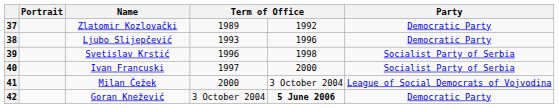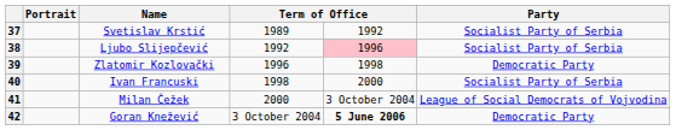 <table class="wikitable" style="text-align:center">
 <tr>
 <th></th>
 <th>Portrait</th>
 <th width=180>Name<br></th>
 <th colspan=2>Term of Office</th>
 <th>Party</th>
 </tr>
 <tr>
 <th style="background:">37</th>
 <td></td>
-<td><a href='#'>Zlatomir Kozlovački</a><br></td>
+<td><a href='#'>Svetislav Krstić</a><br></td>
 <td>1989</td>
 <td>1992</td>
-<td><a href='#'>Democratic Party</a></td>
+<td><a href='#'>Socialist Party of Serbia</a></td>
 </tr>
 <tr>
 <th style="background:">38</th>
 <td></td>
 <td><a href='#'>Ljubo Slijepčević</a></td>
-<td>1993</td>
-<td>1996</td>
-<td><a href='#'>Democratic Party</a></td>
+<td>1992</td>
+<td style="background: pink;">1996</td>
+<td><a href='#'>Socialist Party of Serbia</a></td>
 </tr>
 <tr>
 <th style="background:">39</th>
 <td></td>
-<td><a href='#'>Svetislav Krstić</a><br></td>
+<td><a href='#'>Zlatomir Kozlovački</a><br></td>
 <td>1996</td>
 <td>1998</td>
-<td><a href='#'>Socialist Party of Serbia</a></td>
+<td><a href='#'>Democratic Party</a></td>
 </tr>
 <tr>
 <th style="background:">40</th>
 <td></td>
 <td><a href='#'>Ivan Francuski</a></td>
-<td>1997</td>
+<td>1998</td>
 <td>2000</td>
 <td><a href='#'>Socialist Party of Serbia</a></td>
 </tr>
 <tr>
 <th style="background:">41</th>
 <td></td>
 <td><a href='#'>Milan Čežek</a><br></td>
 <td>2000</td>
 <td>3 October 2004</td>
 <td><a href='#'>League of Social Democrats of Vojvodina</a></td>
 </tr>
 <tr>
 <th style="background:">42</th>
 <td></td>
 <td><a href='#'>Goran Knežević</a><br></td>
 <td>3 October 2004</td>
 <td><strong>5 June 2006</strong></td>
 <td><a href='#'>Democratic Party</a></td>
 </tr>
 </table>
